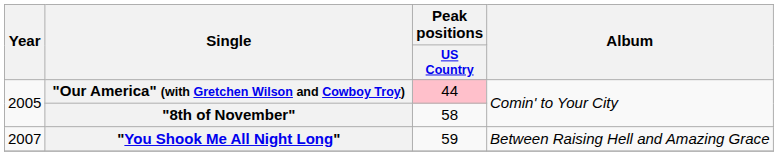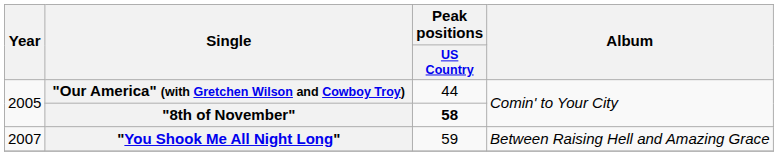 <table class="wikitable plainrowheaders" style="text-align:center;">
 <tr>
 <th rowspan="2">Year</th>
 <th rowspan="2" style="width:24em;">Single</th>
 <th colspan="1">Peak positions</th>
 <th rowspan="2">Album</th>
 </tr>
 <tr style="font-size:smaller;">
 <th width="65"><a href='#'>US Country</a><br></th>
 </tr>
 <tr>
 <td rowspan="2">2005</td>
 <th scope="row">"Our America" <small>(with <a href='#'>Gretchen Wilson</a> and <a href='#'>Cowboy Troy</a>)</small></th>
-<td style="background: pink;">44</td>
+<td>44</td>
 <td align="left" rowspan="2"><em>Comin' to Your City</em></td>
 </tr>
 <tr>
 <th scope="row">"8th of November"</th>
-<td>58</td>
+<td><strong>58</strong></td>
 </tr>
 <tr>
 <td>2007</td>
 <th scope="row">"<a href='#'>You Shook Me All Night Long</a>"</th>
 <td>59</td>
 <td align="left"><em>Between Raising Hell and Amazing Grace</em></td>
 </tr>
 <tr>
 </tr>
 </table>
